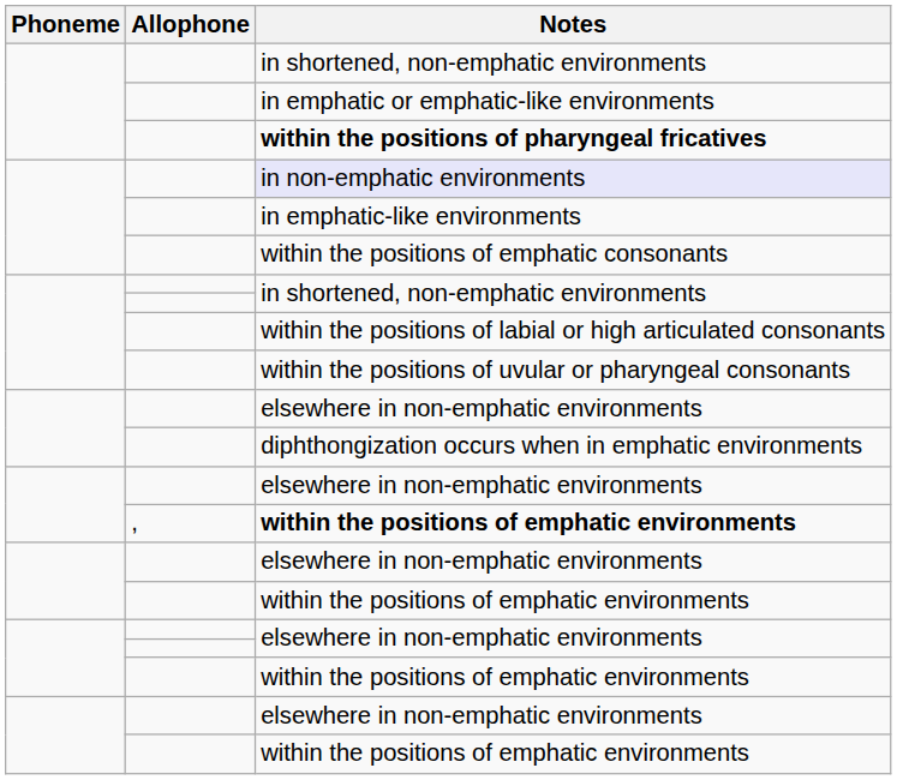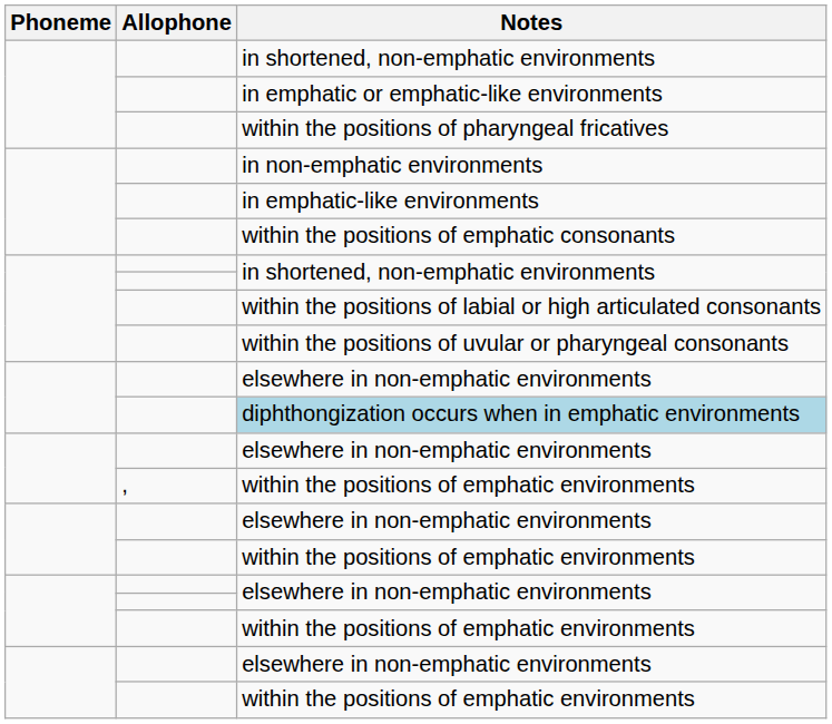 <table class="wikitable">
 <tr>
 <th>Phoneme</th>
 <th>Allophone</th>
 <th>Notes</th>
 </tr>
 <tr>
 <td rowspan="3"></td>
 <td></td>
 <td>in shortened, non-emphatic environments</td>
 </tr>
 <tr>
 <td></td>
 <td>in emphatic or emphatic-like environments</td>
 </tr>
 <tr>
 <td></td>
-<td><strong>within the positions of pharyngeal fricatives</strong></td>
+<td>within the positions of pharyngeal fricatives</td>
 </tr>
 <tr>
 <td rowspan="3"></td>
 <td></td>
-<td style="background: lavender;">in non-emphatic environments</td>
+<td>in non-emphatic environments</td>
 </tr>
 <tr>
 <td></td>
 <td>in emphatic-like environments</td>
 </tr>
 <tr>
 <td></td>
 <td>within the positions of emphatic consonants</td>
 </tr>
 <tr>
 <td rowspan="4"></td>
 <td></td>
 <td rowspan="2">in shortened, non-emphatic environments</td>
 </tr>
 <tr>
 <td></td>
 </tr>
 <tr>
 <td></td>
 <td>within the positions of labial or high articulated consonants</td>
 </tr>
 <tr>
 <td></td>
 <td>within the positions of uvular or pharyngeal consonants</td>
 </tr>
 <tr>
 <td rowspan="2"></td>
 <td></td>
 <td>elsewhere in non-emphatic environments</td>
 </tr>
 <tr>
 <td></td>
-<td>diphthongization occurs when in emphatic environments</td>
+<td style="background: lightblue;">diphthongization occurs when in emphatic environments</td>
 </tr>
 <tr>
 <td rowspan="2"></td>
 <td></td>
 <td>elsewhere in non-emphatic environments</td>
 </tr>
 <tr>
 <td>, </td>
-<td><strong>within the positions of emphatic environments</strong></td>
+<td>within the positions of emphatic environments</td>
 </tr>
 <tr>
 <td rowspan="2"></td>
 <td></td>
 <td>elsewhere in non-emphatic environments</td>
 </tr>
 <tr>
 <td></td>
 <td>within the positions of emphatic environments</td>
 </tr>
 <tr>
 <td rowspan="3"></td>
 <td></td>
 <td rowspan="2">elsewhere in non-emphatic environments</td>
 </tr>
 <tr>
 <td></td>
 </tr>
 <tr>
 <td></td>
 <td>within the positions of emphatic environments</td>
 </tr>
 <tr>
 <td rowspan="2"></td>
 <td></td>
 <td>elsewhere in non-emphatic environments</td>
 </tr>
 <tr>
 <td></td>
 <td>within the positions of emphatic environments</td>
 </tr>
 </table>
